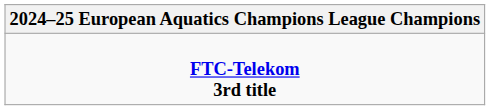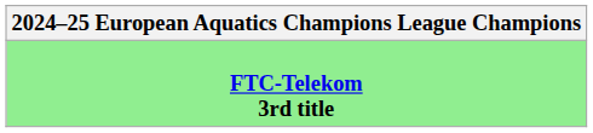 <table class=wikitable style="text-align:center; margin:auto">
 <tr>
 <th>2024–25 European Aquatics Champions League Champions</th>
 </tr>
 <tr>
-<td> <br><strong><a href='#'>FTC-Telekom</a></strong><br><strong>3rd title</strong></td>
+<td style="background: lightgreen;"> <br><strong><a href='#'>FTC-Telekom</a></strong><br><strong>3rd title</strong></td>
 </tr>
 </table>
